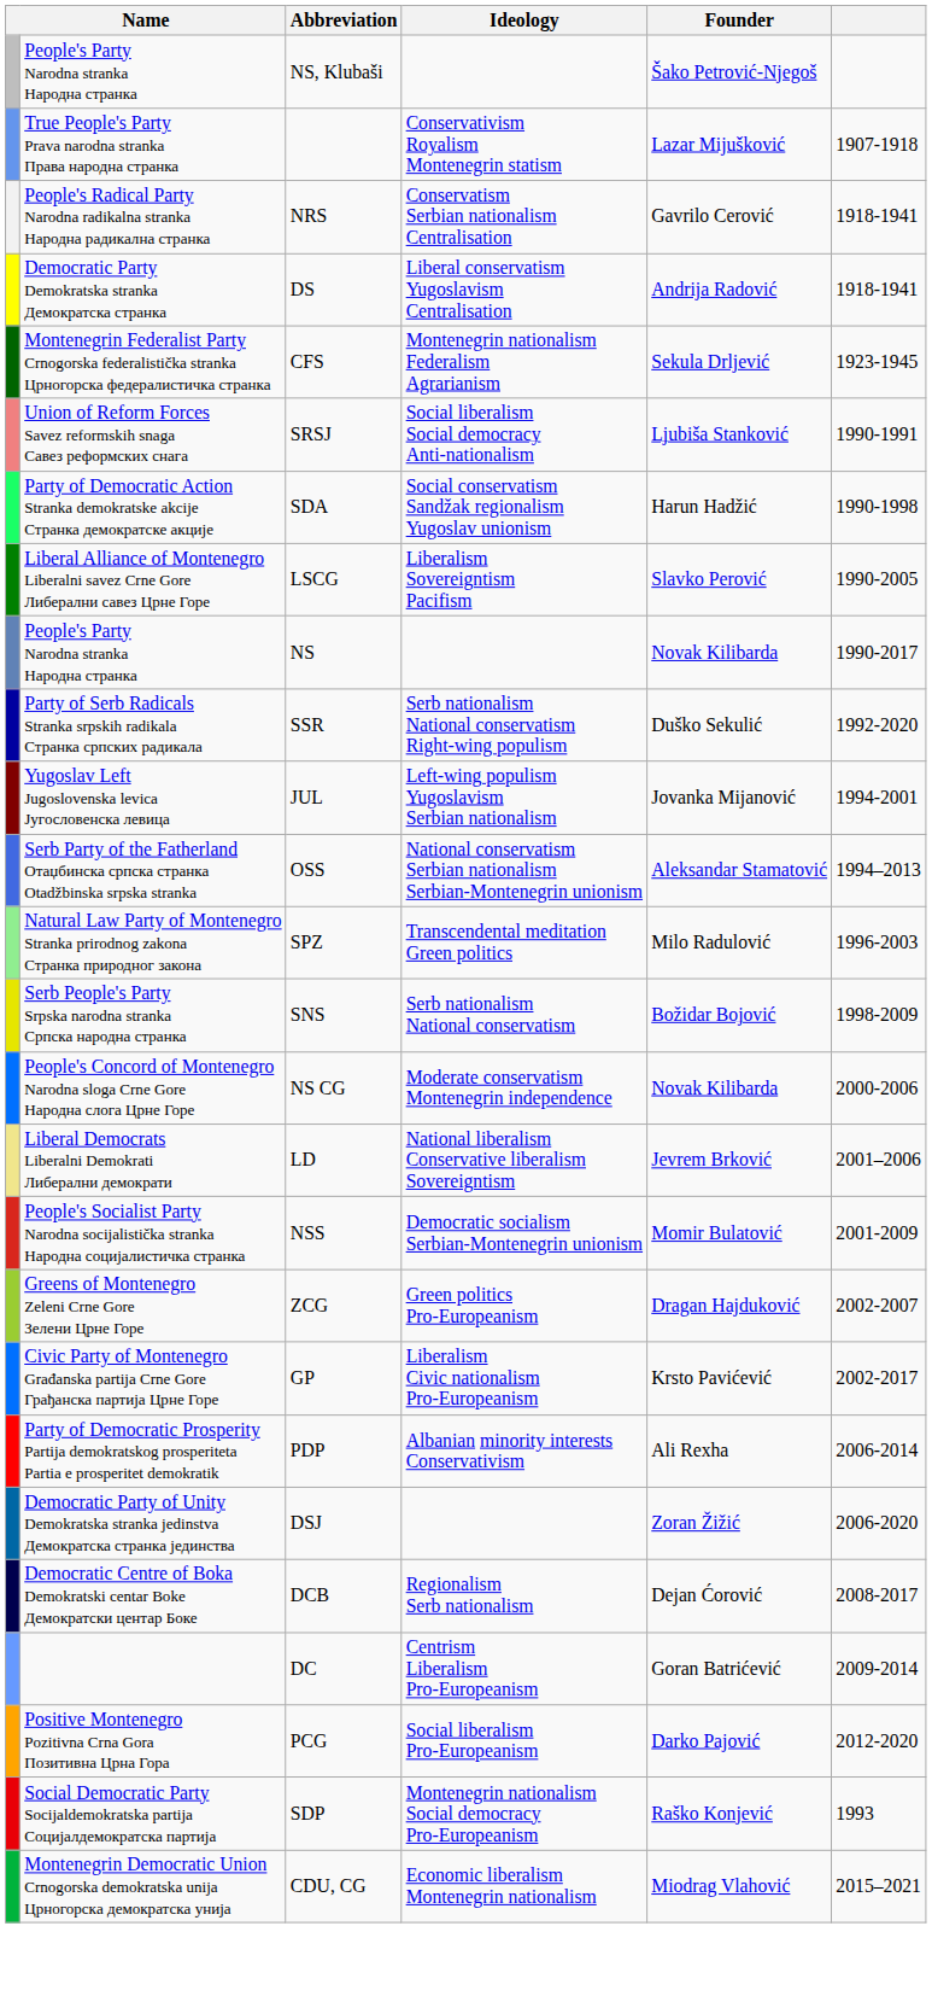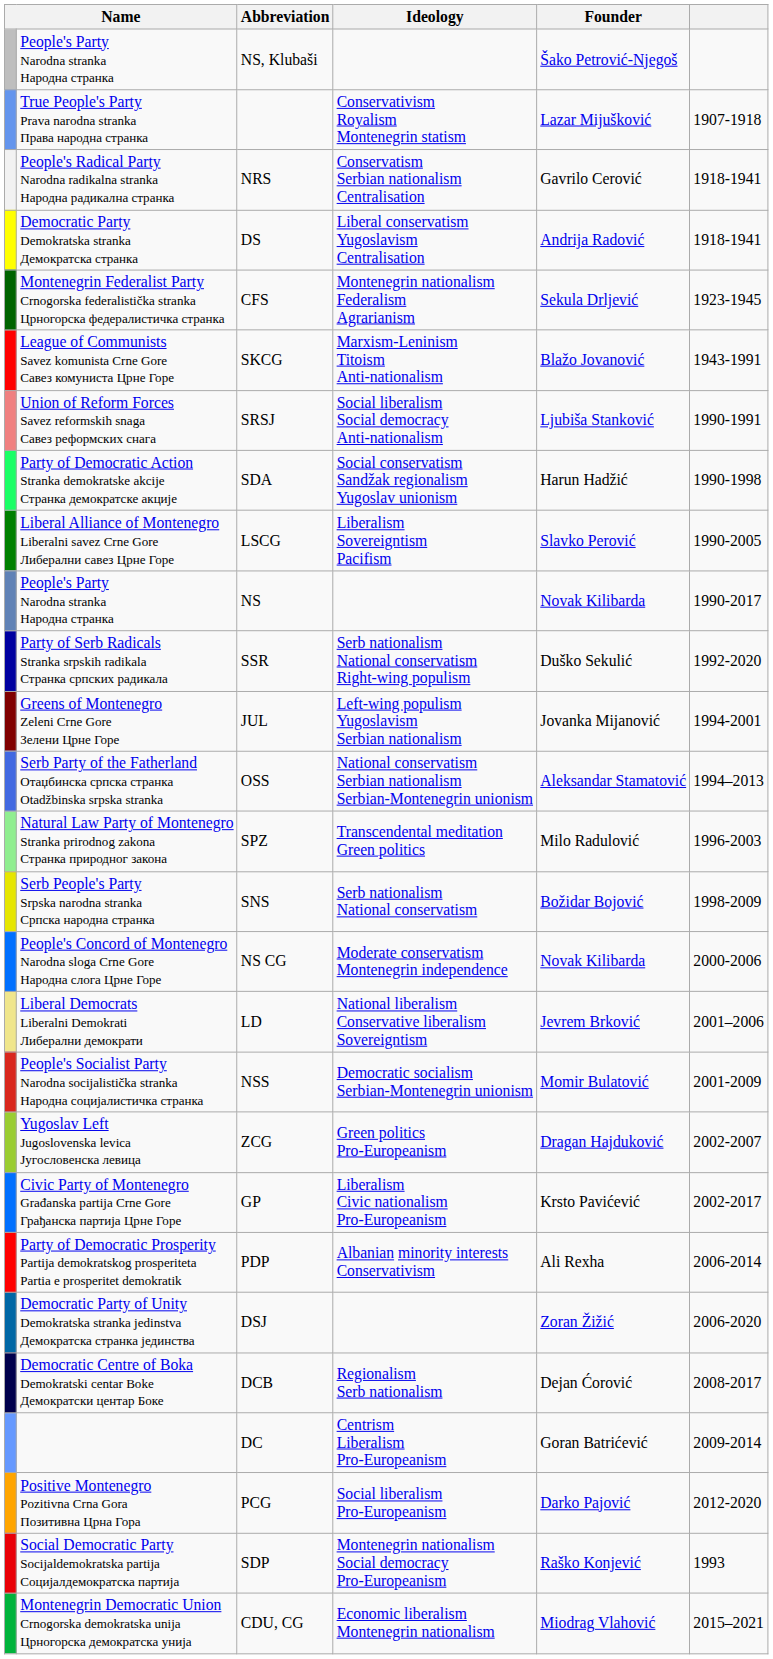 <table class="wikitable">
 <tr>
 <th colspan=2>Name</th>
 <th>Abbreviation</th>
 <th>Ideology</th>
 <th>Founder</th>
 <th></th>
 </tr>
 <tr>
 <th style="background:#bebebe;"></th>
 <td><a href='#'>People's Party</a><br><small>Narodna stranka<br>Народна странка</small></td>
 <td>NS, Klubaši</td>
 <td></td>
 <td><a href='#'>Šako Petrović-Njegoš</a></td>
 <td></td>
 </tr>
 <tr>
 <th style="background:#6495ED;"></th>
 <td><a href='#'>True People's Party</a><br><small>Prava narodna stranka<br>Права народна странка</small></td>
 <td></td>
 <td><a href='#'>Conservativism</a><br><a href='#'>Royalism</a><br><a href='#'>Montenegrin statism</a></td>
 <td><a href='#'>Lazar Mijušković</a></td>
 <td>1907-1918</td>
 </tr>
 <tr>
 <th style="background:"></th>
 <td><a href='#'>People's Radical Party</a><br><small>Narodna radikalna stranka<br>Народна радикална странка</small></td>
 <td>NRS</td>
 <td><a href='#'>Conservatism</a><br><a href='#'>Serbian nationalism</a><br><a href='#'>Centralisation</a></td>
 <td>Gavrilo Cerović</td>
 <td>1918-1941</td>
 </tr>
 <tr>
 <th style="background:yellow;"></th>
 <td><a href='#'>Democratic Party</a><br><small>Demokratska stranka<br>Демократска странка</small></td>
 <td>DS</td>
 <td><a href='#'>Liberal conservatism</a><br><a href='#'>Yugoslavism</a><br><a href='#'>Centralisation</a></td>
 <td><a href='#'>Andrija Radović</a></td>
 <td>1918-1941</td>
 </tr>
 <tr>
 <th style="background:darkgreen;"></th>
 <td><a href='#'>Montenegrin Federalist Party</a><br><small>Crnogorska federalistička stranka<br>Црногорска федералистичка странка</small></td>
 <td>CFS</td>
 <td><a href='#'>Montenegrin nationalism</a><br><a href='#'>Federalism</a><br><a href='#'>Agrarianism</a></td>
 <td><a href='#'>Sekula Drljević</a></td>
 <td>1923-1945</td>
 </tr>
 <tr>
+<th style="background:#f00;"></th>
+<td><a href='#'>League of Communists</a><br><small>Savez komunista Crne Gore<br>Савез комуниста Црне Горе</small></td>
+<td>SKCG</td>
+<td><a href='#'>Marxism-Leninism</a><br><a href='#'>Titoism</a><br><a href='#'>Anti-nationalism</a></td>
+<td><a href='#'>Blažo Jovanović</a></td>
+<td>1943-1991</td>
+</tr>
+<tr>
 <th style="background:lightcoral;"></th>
 <td><a href='#'>Union of Reform Forces</a><br><small>Savez reformskih snaga<br>Савез реформских снага</small></td>
 <td>SRSJ</td>
 <td><a href='#'>Social liberalism</a><br><a href='#'>Social democracy</a><br><a href='#'>Anti-nationalism</a></td>
 <td><a href='#'>Ljubiša Stanković</a></td>
 <td>1990-1991</td>
 </tr>
 <tr>
 <th style="background:#1aff66;"></th>
 <td><a href='#'>Party of Democratic Action</a><br><small>Stranka demokratske akcije<br>Странка демократске акције</small></td>
 <td>SDA</td>
 <td><a href='#'>Social conservatism</a><br><a href='#'>Sandžak regionalism</a><br><a href='#'>Yugoslav unionism</a></td>
 <td>Harun Hadžić</td>
 <td>1990-1998</td>
 </tr>
 <tr>
 <th style="background:green;"></th>
 <td><a href='#'>Liberal Alliance of Montenegro</a><br><small>Liberalni savez Crne Gore<br>Либерални савез Црне Горе</small></td>
 <td>LSCG</td>
 <td><a href='#'>Liberalism</a><br><a href='#'>Sovereigntism</a><br><a href='#'>Pacifism</a></td>
 <td><a href='#'>Slavko Perović</a></td>
 <td>1990-2005</td>
 </tr>
 <tr>
 <th style="background:#6082B6;"></th>
 <td><a href='#'>People's Party</a><br><small>Narodna stranka<br>Народна странка</small></td>
 <td>NS</td>
 <td></td>
 <td><a href='#'>Novak Kilibarda</a></td>
 <td>1990-2017</td>
 </tr>
 <tr>
 <th style="background:#0000a0;"></th>
 <td><a href='#'>Party of Serb Radicals</a><br><small>Stranka srpskih radikala<br>Странка српских радикала</small></td>
 <td>SSR</td>
 <td><a href='#'>Serb nationalism</a><br><a href='#'>National conservatism</a><br><a href='#'>Right-wing populism</a></td>
 <td>Duško Sekulić</td>
 <td>1992-2020</td>
 </tr>
 <tr>
 <th style="background:maroon;"></th>
-<td><a href='#'>Yugoslav Left</a><br><small> Jugoslovenska levica<br>Југословенска левица</small></td>
+<td><a href='#'>Greens of Montenegro</a><br><small>Zeleni Crne Gore<br>Зелени Црне Горе</small></td>
 <td>JUL</td>
 <td><a href='#'>Left-wing populism</a><br><a href='#'>Yugoslavism</a><br><a href='#'>Serbian nationalism</a></td>
 <td>Jovanka Mijanović</td>
 <td>1994-2001</td>
 </tr>
 <tr>
 <th style="width:5px; background:royalblue;"></th>
 <td><a href='#'>Serb Party of the Fatherland</a><br><small>Отаџбинска српска странка<br>Otadžbinska srpska stranka</small></td>
 <td>OSS</td>
 <td><a href='#'>National conservatism</a><br><a href='#'>Serbian nationalism</a><br><a href='#'>Serbian-Montenegrin unionism</a></td>
 <td><a href='#'>Aleksandar Stamatović</a></td>
 <td>1994–2013</td>
 </tr>
 <tr>
 <th style="background:lightgreen;"></th>
 <td><a href='#'>Natural Law Party of Montenegro</a><br><small>Stranka prirodnog zakona<br>Странка природног закона</small></td>
 <td>SPZ</td>
 <td><a href='#'>Transcendental meditation</a><br><a href='#'>Green politics</a></td>
 <td>Milo Radulović</td>
 <td>1996-2003</td>
 </tr>
 <tr>
 <th style="background:#e6e600;"></th>
 <td><a href='#'>Serb People's Party</a><br><small>Srpska narodna stranka<br>Српска народна странка</small></td>
 <td>SNS</td>
 <td><a href='#'>Serb nationalism</a><br><a href='#'>National conservatism</a></td>
 <td><a href='#'>Božidar Bojović</a></td>
 <td>1998-2009</td>
 </tr>
 <tr>
 <th style="width:5px; background:#0070ff;"></th>
 <td><a href='#'>People's Concord of Montenegro</a><br><small>Narodna sloga Crne Gore<br>Народна слога Црне Горе</small></td>
 <td>NS CG</td>
 <td><a href='#'>Moderate conservatism</a><br><a href='#'>Montenegrin independence</a></td>
 <td><a href='#'>Novak Kilibarda</a></td>
 <td>2000-2006</td>
 </tr>
 <tr>
 <th style="width:5px; background:#F0E68C;"></th>
 <td><a href='#'>Liberal Democrats</a><br><small>Liberalni Demokrati<br>Либерални демократи</small></td>
 <td>LD</td>
 <td><a href='#'>National liberalism</a><br><a href='#'>Conservative liberalism</a><br><a href='#'>Sovereigntism</a></td>
 <td><a href='#'>Jevrem Brković</a></td>
 <td>2001–2006</td>
 </tr>
 <tr>
 <th style="background:#D9271D;"></th>
 <td><a href='#'>People's Socialist Party</a><br><small>Narodna socijalistička stranka<br>Народна социјалистичка странка</small></td>
 <td>NSS</td>
 <td><a href='#'>Democratic socialism</a><br><a href='#'>Serbian-Montenegrin unionism</a></td>
 <td><a href='#'>Momir Bulatović</a></td>
 <td>2001-2009</td>
 </tr>
 <tr>
 <th style="background:#9ACD32;"></th>
-<td><a href='#'>Greens of Montenegro</a><br><small>Zeleni Crne Gore<br>Зелени Црне Горе</small></td>
+<td><a href='#'>Yugoslav Left</a><br><small> Jugoslovenska levica<br>Југословенска левица</small></td>
 <td>ZCG</td>
 <td><a href='#'>Green politics</a><br><a href='#'>Pro-Europeanism</a></td>
 <td><a href='#'>Dragan Hajduković</a></td>
 <td>2002-2007</td>
 </tr>
 <tr>
 <th style="width:5px; background:#0070ff;"></th>
 <td><a href='#'>Civic Party of Montenegro</a><br><small>Građanska partija Crne Gore<br>Грађанска партија Црне Горе</small></td>
 <td>GP</td>
 <td><a href='#'>Liberalism</a><br><a href='#'>Civic nationalism</a><br><a href='#'>Pro-Europeanism</a></td>
 <td>Krsto Pavićević</td>
 <td>2002-2017</td>
 </tr>
 <tr>
 <th style="width:5px; background:red;"></th>
 <td><a href='#'>Party of Democratic Prosperity</a><br><small>Partija demokratskog prosperiteta<br>Partia e prosperitet demokratik</small></td>
 <td>PDP</td>
 <td><a href='#'>Albanian</a> <a href='#'>minority interests</a><br><a href='#'>Conservativism</a></td>
 <td>Ali Rexha</td>
 <td>2006-2014</td>
 </tr>
 <tr>
 <th style="background-color:#0067A5;"></th>
 <td><a href='#'>Democratic Party of Unity</a><br><small>Demokratska stranka jedinstva<br>Демократска странка јединства</small></td>
 <td>DSJ</td>
 <td></td>
 <td><a href='#'>Zoran Žižić</a></td>
 <td>2006-2020</td>
 </tr>
 <tr>
 <th style="background:#00004d;"></th>
 <td><a href='#'>Democratic Centre of Boka</a><br><small>Demokratski centar Boke<br>Демократски центар Боке</small></td>
 <td>DCB</td>
 <td><a href='#'>Regionalism</a><br><a href='#'>Serb nationalism</a></td>
 <td>Dejan Ćorović</td>
 <td>2008-2017</td>
 </tr>
 <tr>
 <th style="background:#6699ff;"></th>
 <td></td>
 <td>DC</td>
 <td><a href='#'>Centrism</a><br><a href='#'>Liberalism</a><br><a href='#'>Pro-Europeanism</a></td>
 <td>Goran Batrićević</td>
 <td>2009-2014</td>
 </tr>
 <tr>
 <th style="background-color:orange"></th>
 <td><a href='#'>Positive Montenegro</a><br><small>Pozitivna Crna Gora<br>Позитивна Црна Гора</small></td>
 <td>PCG</td>
 <td><a href='#'>Social liberalism</a><br><a href='#'>Pro-Europeanism</a></td>
 <td><a href='#'>Darko Pajović</a></td>
 <td>2012-2020</td>
 </tr>
 <tr>
 <th style="background-color: #e90007;"></th>
 <td><a href='#'>Social Democratic Party</a><br><small>Socijaldemokratska partija<br>Социјалдемократска партија</small></td>
 <td>SDP</td>
 <td><a href='#'>Montenegrin nationalism</a><br><a href='#'>Social democracy</a><br><a href='#'>Pro-Europeanism</a></td>
 <td><a href='#'>Raško Konjević</a></td>
 <td>1993</td>
 </tr>
 <tr>
 <th style="background:#00b33c;"></th>
 <td><a href='#'>Montenegrin Democratic Union</a><br><small>Crnogorska demokratska unija<br>Црногорскa демократскa унијa</small></td>
 <td>CDU, CG</td>
 <td><a href='#'>Economic liberalism</a><br><a href='#'>Montenegrin nationalism</a></td>
 <td><a href='#'>Miodrag Vlahović</a></td>
 <td>2015–2021</td>
 </tr>
 </table>
